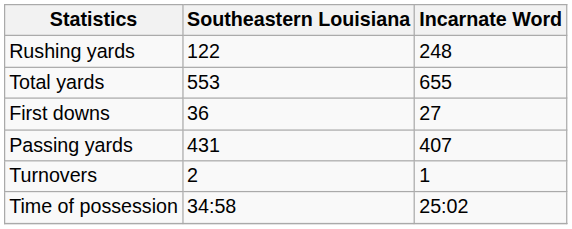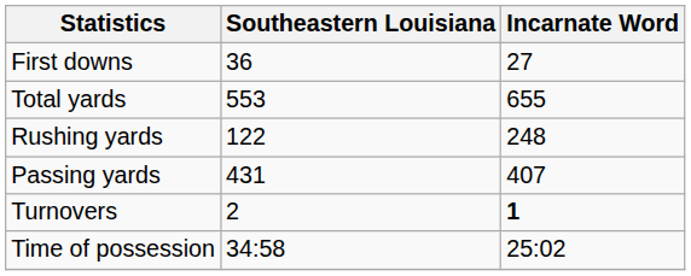 <table class="wikitable">
 <tr>
 <th>Statistics</th>
 <th>Southeastern Louisiana</th>
 <th>Incarnate Word</th>
 </tr>
 <tr>
-<td>Rushing yards</td>
-<td>122</td>
-<td>248</td>
+<td>First downs</td>
+<td>36</td>
+<td>27</td>
 </tr>
 <tr>
 <td>Total yards</td>
 <td>553</td>
 <td>655</td>
 </tr>
 <tr>
-<td>First downs</td>
-<td>36</td>
-<td>27</td>
+<td>Rushing yards</td>
+<td>122</td>
+<td>248</td>
 </tr>
 <tr>
 <td>Passing yards</td>
 <td>431</td>
 <td>407</td>
 </tr>
 <tr>
 <td>Turnovers</td>
 <td>2</td>
-<td>1</td>
+<td><strong>1</strong></td>
 </tr>
 <tr>
 <td>Time of possession</td>
 <td>34:58</td>
 <td>25:02</td>
 </tr>
 <tr>
 </tr>
 </table>
